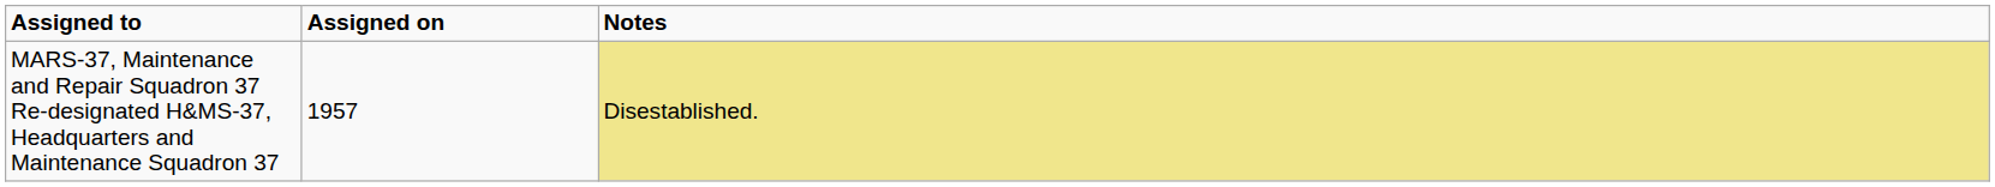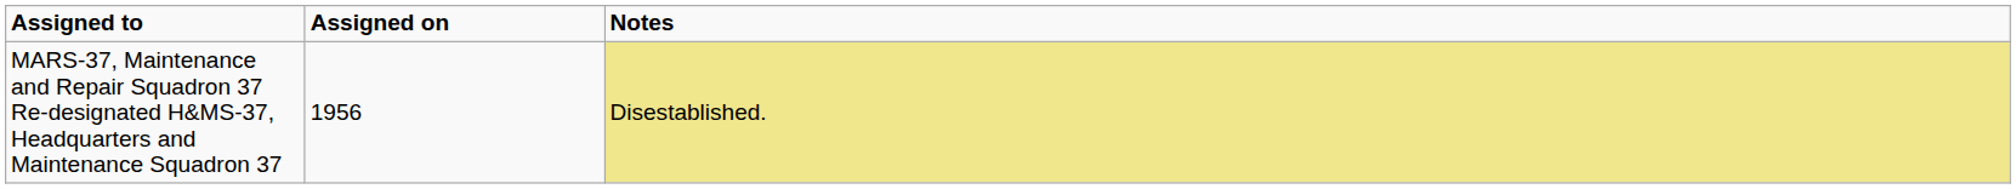 <table class="wikitable" style="width: 70%;">
 <tr>
 <td style="width: 200px;"><strong>Assigned to</strong></td>
 <td style="width: 200px;"><strong>Assigned on</strong></td>
 <td><strong>Notes</strong></td>
 </tr>
 <tr>
 <td>MARS-37, Maintenance and Repair Squadron 37<br>Re-designated H&MS-37, Headquarters and Maintenance Squadron 37</td>
-<td>1957</td>
+<td>1956</td>
 <td style="background: khaki;">Disestablished.</td>
 </tr>
 </table>
